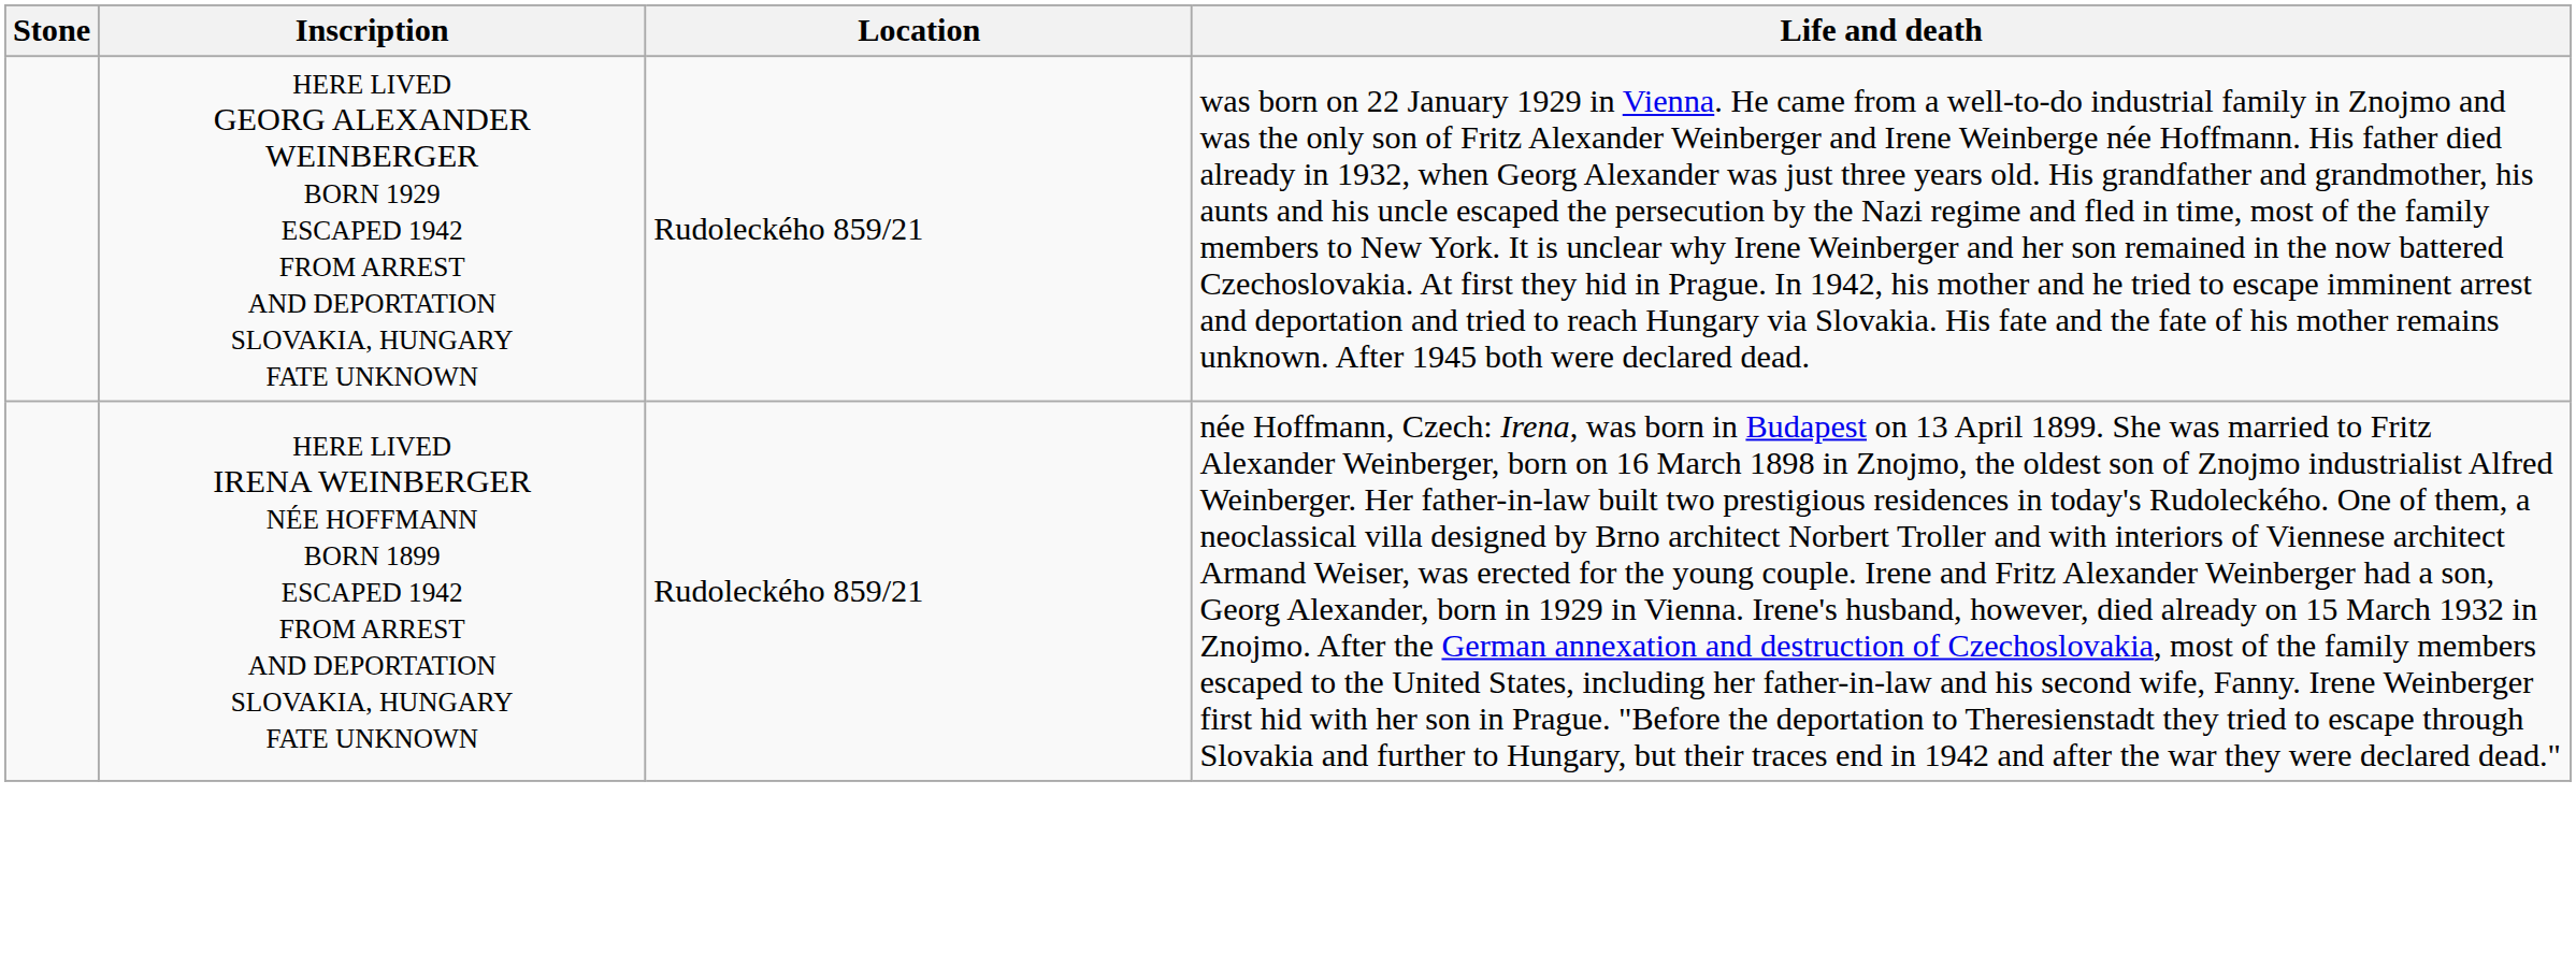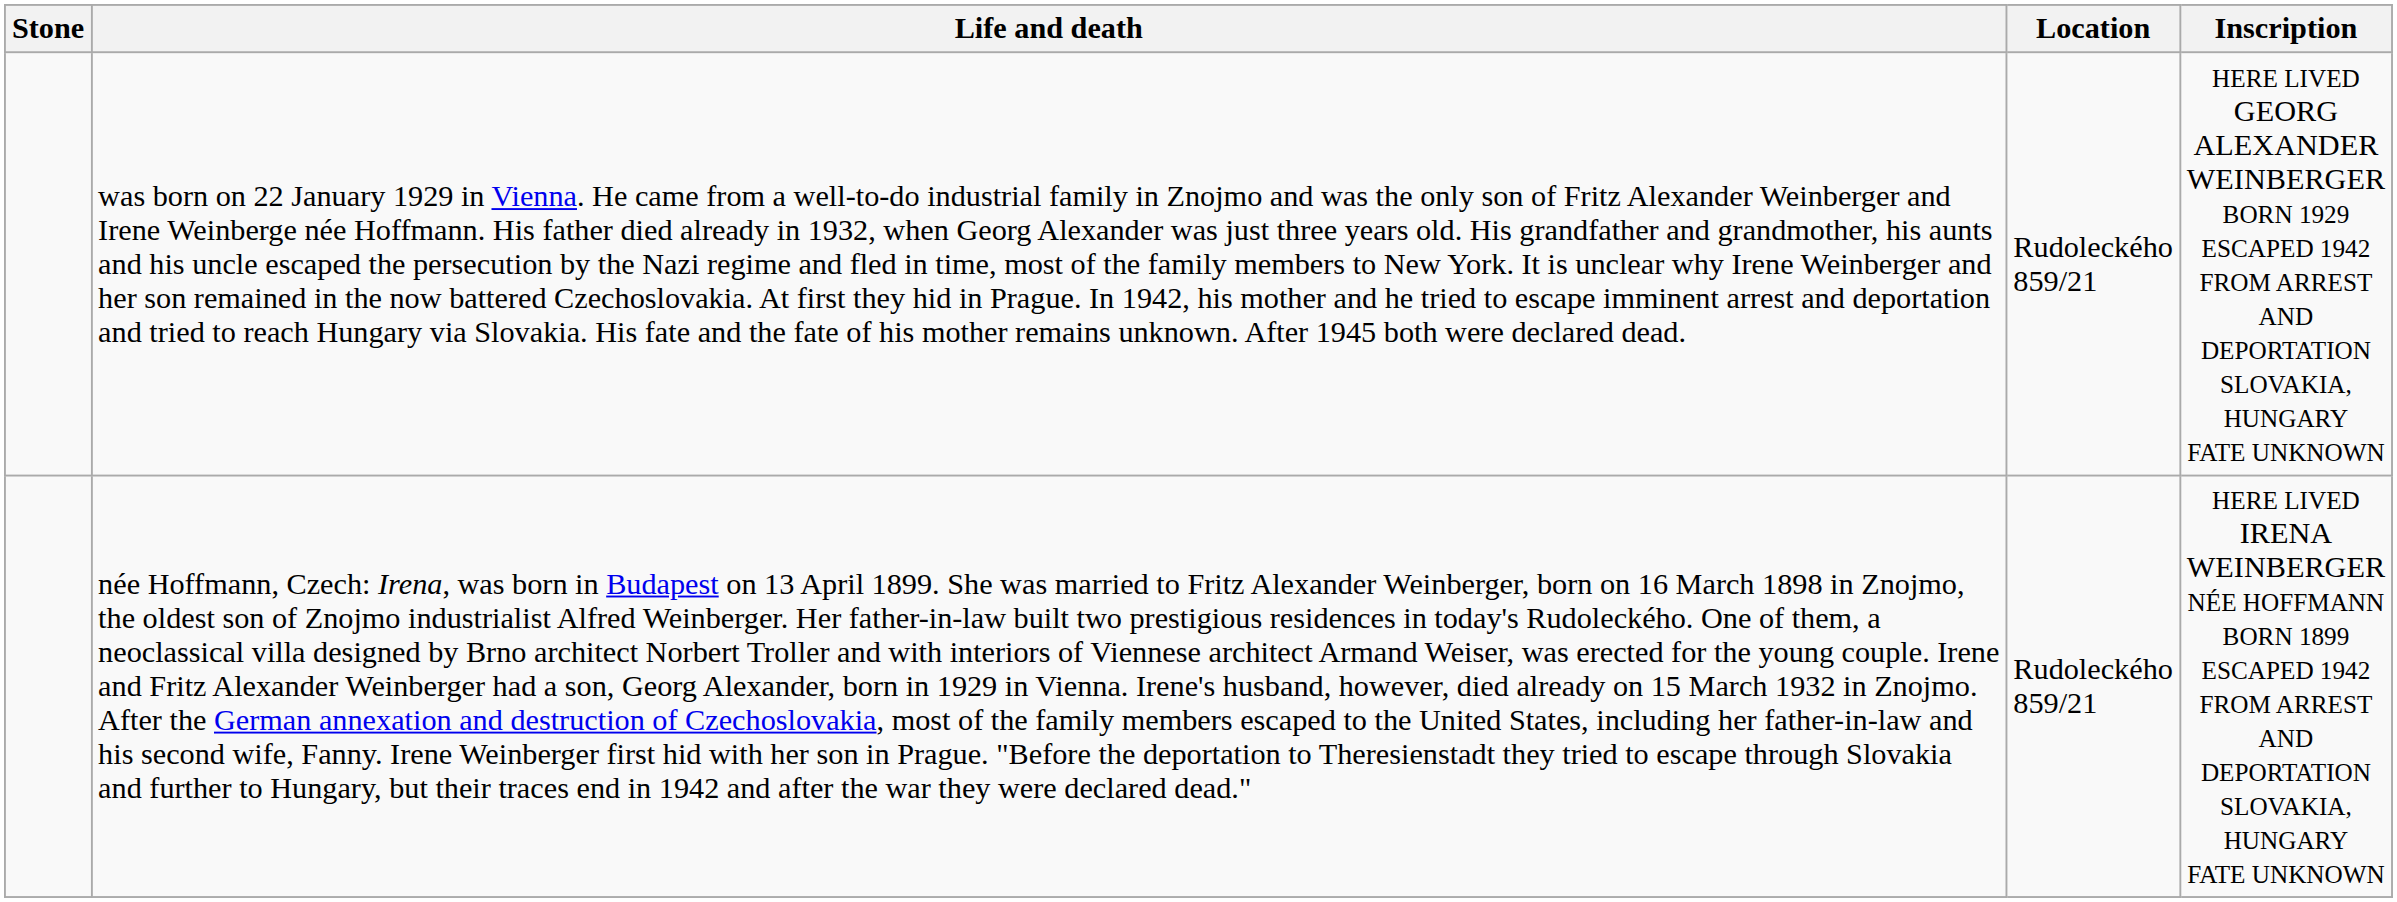 <table class="wikitable sortable toptextcells" style="width:100%">
 <tr>
 <th class="hintergrundfarbe6 unsortable" width="120px">Stone</th>
+<th class="hintergrundfarbe6" style="width:100%;">Life and death</th>
+<th class="hintergrundfarbe6" data-sort-type="text" style ="width:22%;">Location</th>
 <th class="hintergrundfarbe6 unsortable" style ="width:22%;">Inscription</th>
-<th class="hintergrundfarbe6" data-sort-type="text" style ="width:22%;">Location</th>
-<th class="hintergrundfarbe6" style="width:100%;">Life and death</th>
 </tr>
 <tr>
 <td></td>
+<td><strong></strong> was born on 22 January 1929 in <a href='#'>Vienna</a>. He came from a well-to-do industrial family in Znojmo and was the only son of Fritz Alexander Weinberger and Irene Weinberge née Hoffmann. His father died already in 1932, when Georg Alexander was just three years old. His grandfather and grandmother, his aunts and his uncle escaped the persecution by the Nazi regime and fled in time, most of the family members to New York. It is unclear why Irene Weinberger and her son remained in the now battered Czechoslovakia. At first they hid in Prague. In 1942, his mother and he tried to escape imminent arrest and deportation and tried to reach Hungary via Slovakia. His fate and the fate of his mother remains unknown. After 1945 both were declared dead.</td>
+<td>Rudoleckého 859/21<br></td>
 <td style="text-align:center"><div><small>HERE LIVED</small><br>GEORG ALEXANDER<br>WEINBERGER<br><small>BORN 1929<br>ESCAPED 1942<br>FROM ARREST<br>AND DEPORTATION<br>SLOVAKIA, HUNGARY<br>FATE UNKNOWN</small></div></td>
-<td>Rudoleckého 859/21<br></td>
-<td><strong></strong> was born on 22 January 1929 in <a href='#'>Vienna</a>. He came from a well-to-do industrial family in Znojmo and was the only son of Fritz Alexander Weinberger and Irene Weinberge née Hoffmann. His father died already in 1932, when Georg Alexander was just three years old. His grandfather and grandmother, his aunts and his uncle escaped the persecution by the Nazi regime and fled in time, most of the family members to New York. It is unclear why Irene Weinberger and her son remained in the now battered Czechoslovakia. At first they hid in Prague. In 1942, his mother and he tried to escape imminent arrest and deportation and tried to reach Hungary via Slovakia. His fate and the fate of his mother remains unknown. After 1945 both were declared dead.</td>
 </tr>
 <tr>
 <td></td>
+<td><strong></strong> née Hoffmann, Czech: <em>Irena</em>, was born in <a href='#'>Budapest</a> on 13 April 1899. She was married to Fritz Alexander Weinberger, born on 16 March 1898 in Znojmo, the oldest son of Znojmo industrialist Alfred Weinberger. Her father-in-law built two prestigious residences in today's Rudoleckého. One of them, a neoclassical villa designed by Brno architect Norbert Troller and with interiors of Viennese architect Armand Weiser, was erected for the young couple. Irene and Fritz Alexander Weinberger had a son, Georg Alexander, born in 1929 in Vienna. Irene's husband, however, died already on 15 March 1932 in Znojmo. After the <a href='#'>German annexation and destruction of Czechoslovakia</a>, most of the family members escaped to the United States, including her father-in-law and his second wife, Fanny. Irene Weinberger first hid with her son in Prague. "Before the deportation to Theresienstadt they tried to escape through Slovakia and further to Hungary, but their traces end in 1942 and after the war they were declared dead."</td>
+<td>Rudoleckého 859/21<br></td>
 <td style="text-align:center"><div><small>HERE LIVED</small><br>IRENA WEINBERGER<br><small>NÉE HOFFMANN<br>BORN 1899<br>ESCAPED 1942<br>FROM ARREST<br>AND DEPORTATION<br>SLOVAKIA, HUNGARY<br>FATE UNKNOWN</small></div></td>
-<td>Rudoleckého 859/21<br></td>
-<td><strong></strong> née Hoffmann, Czech: <em>Irena</em>, was born in <a href='#'>Budapest</a> on 13 April 1899. She was married to Fritz Alexander Weinberger, born on 16 March 1898 in Znojmo, the oldest son of Znojmo industrialist Alfred Weinberger. Her father-in-law built two prestigious residences in today's Rudoleckého. One of them, a neoclassical villa designed by Brno architect Norbert Troller and with interiors of Viennese architect Armand Weiser, was erected for the young couple. Irene and Fritz Alexander Weinberger had a son, Georg Alexander, born in 1929 in Vienna. Irene's husband, however, died already on 15 March 1932 in Znojmo. After the <a href='#'>German annexation and destruction of Czechoslovakia</a>, most of the family members escaped to the United States, including her father-in-law and his second wife, Fanny. Irene Weinberger first hid with her son in Prague. "Before the deportation to Theresienstadt they tried to escape through Slovakia and further to Hungary, but their traces end in 1942 and after the war they were declared dead."</td>
 </tr>
 </table>
